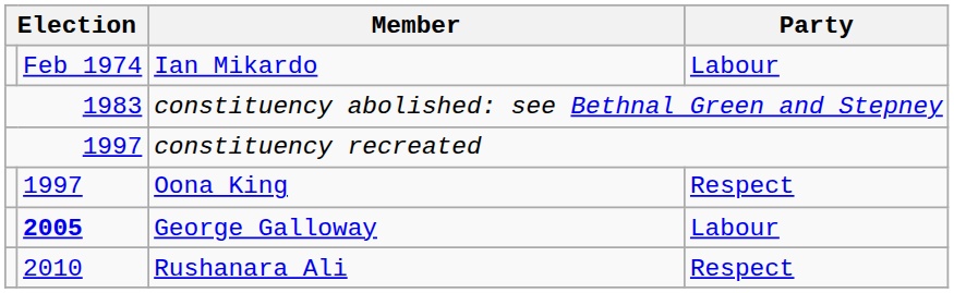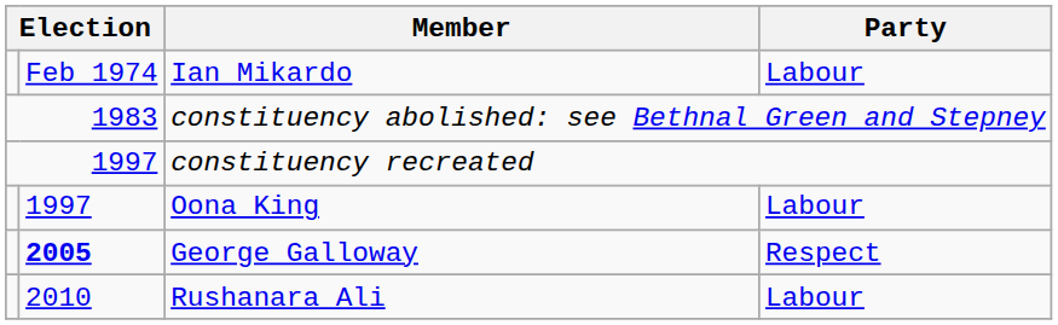 <table class="wikitable">
 <tr>
 <th colspan="2">Election</th>
 <th>Member</th>
 <th>Party</th>
 </tr>
 <tr>
 <td style="color:inherit;background-color: "></td>
 <td><a href='#'>Feb 1974</a></td>
 <td><a href='#'>Ian Mikardo</a></td>
 <td><a href='#'>Labour</a></td>
 </tr>
 <tr>
 <td colspan="2" align="right"><a href='#'>1983</a></td>
 <td colspan="2"><em>constituency abolished: see <a href='#'>Bethnal Green and Stepney</a></em></td>
 </tr>
 <tr>
 <td colspan="2" align="right"><a href='#'>1997</a></td>
 <td colspan="2"><em>constituency recreated</em></td>
 </tr>
 <tr>
 <td style="color:inherit;background-color: "></td>
 <td><a href='#'>1997</a></td>
 <td><a href='#'>Oona King</a></td>
-<td><a href='#'>Respect</a></td>
+<td><a href='#'>Labour</a></td>
 </tr>
 <tr>
 <td style="color:inherit;background-color: "></td>
 <td><strong><a href='#'>2005</a></strong></td>
 <td><a href='#'>George Galloway</a></td>
-<td><a href='#'>Labour</a></td>
+<td><a href='#'>Respect</a></td>
 </tr>
 <tr>
 <td style="color:inherit;background-color: "></td>
 <td><a href='#'>2010</a></td>
 <td><a href='#'>Rushanara Ali</a></td>
-<td><a href='#'>Respect</a></td>
+<td><a href='#'>Labour</a></td>
 </tr>
 </table>
